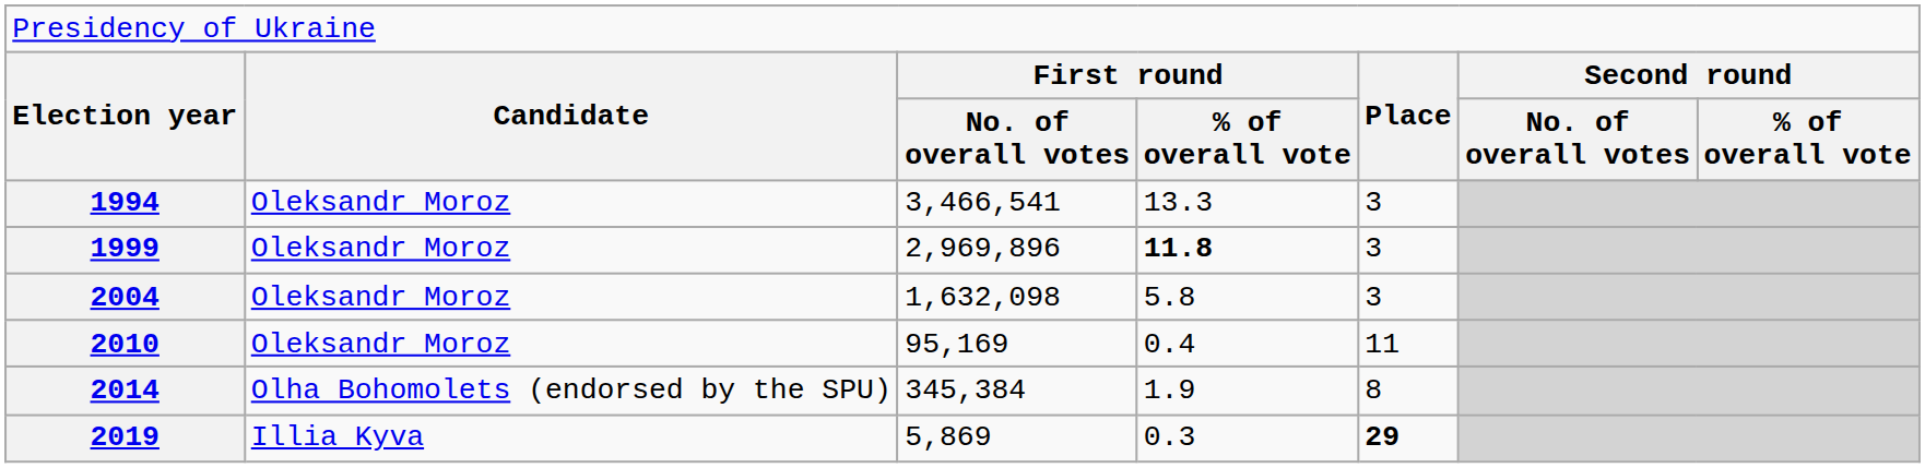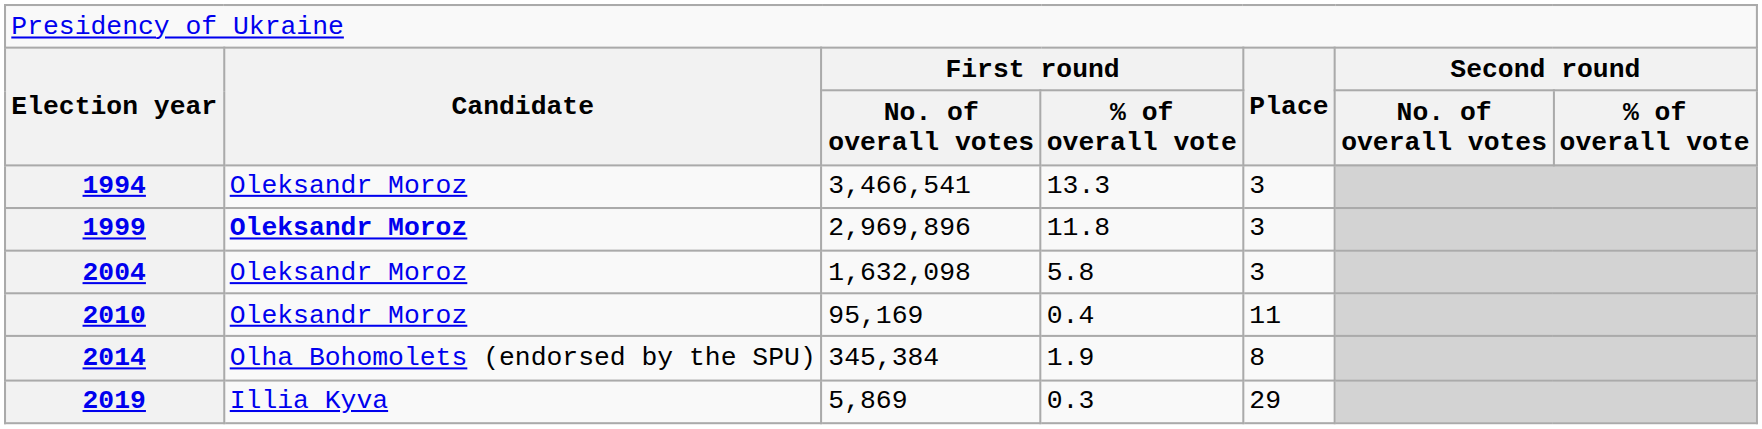 <table class=wikitable>
 <tr>
 <td colspan=7><a href='#'>Presidency of Ukraine</a></td>
 </tr>
 <tr>
 <th rowspan=2>Election year</th>
 <th rowspan=2>Candidate</th>
 <th colspan=2>First round</th>
 <th rowspan=2>Place</th>
 <th colspan=2>Second round</th>
 </tr>
 <tr>
 <th>No. of<br>overall votes</th>
 <th>% of<br>overall vote</th>
 <th>No. of<br>overall votes</th>
 <th>% of<br>overall vote</th>
 </tr>
 <tr>
 <th><a href='#'>1994</a></th>
 <td><a href='#'>Oleksandr Moroz</a></td>
 <td>3,466,541</td>
 <td>13.3</td>
 <td>3</td>
 <td colspan=2 bgcolor=lightgrey></td>
 </tr>
 <tr>
 <th><a href='#'>1999</a></th>
-<td><a href='#'>Oleksandr Moroz</a></td>
+<td><strong><a href='#'>Oleksandr Moroz</a></strong></td>
 <td>2,969,896</td>
-<td><strong>11.8</strong></td>
+<td>11.8</td>
 <td>3</td>
 <td colspan=2 bgcolor=lightgrey></td>
 </tr>
 <tr>
 <th><a href='#'>2004</a></th>
 <td><a href='#'>Oleksandr Moroz</a></td>
 <td>1,632,098</td>
 <td>5.8</td>
 <td>3</td>
 <td colspan=2 bgcolor=lightgrey></td>
 </tr>
 <tr>
 <th><a href='#'>2010</a></th>
 <td><a href='#'>Oleksandr Moroz</a></td>
 <td>95,169</td>
 <td>0.4</td>
 <td>11</td>
 <td colspan=2 bgcolor=lightgrey></td>
 </tr>
 <tr>
 <th><a href='#'>2014</a></th>
 <td><a href='#'>Olha Bohomolets</a> (endorsed by the SPU)</td>
 <td>345,384</td>
 <td>1.9</td>
 <td>8</td>
 <td colspan=2 bgcolor=lightgrey></td>
 </tr>
 <tr>
 <th><a href='#'>2019</a></th>
 <td><a href='#'>Illia Kyva</a></td>
 <td>5,869</td>
 <td>0.3</td>
-<td><strong>29</strong></td>
+<td>29</td>
 <td colspan=2 bgcolor=lightgrey></td>
 </tr>
 </table>
